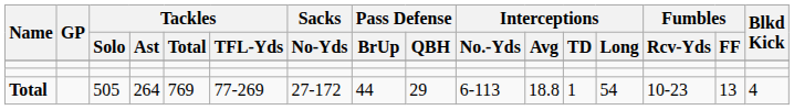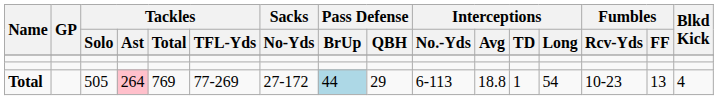 <table class="wikitable" style="white-space:nowrap;">
 <tr>
 <th rowspan="2">Name</th>
 <th rowspan="2">GP</th>
 <th colspan="4">Tackles</th>
 <th>Sacks</th>
 <th colspan="2">Pass Defense</th>
 <th colspan="4">Interceptions</th>
 <th colspan="2">Fumbles</th>
 <th rowspan="2">Blkd<br>Kick</th>
 </tr>
 <tr>
 <th>Solo</th>
 <th>Ast</th>
 <th>Total</th>
 <th>TFL-Yds</th>
 <th>No-Yds</th>
 <th>BrUp</th>
 <th>QBH</th>
 <th>No.-Yds</th>
 <th>Avg</th>
 <th>TD</th>
 <th>Long</th>
 <th>Rcv-Yds</th>
 <th>FF</th>
 </tr>
 <tr>
 </tr>
 <tr>
 <td></td>
 <td></td>
 <td></td>
 <td></td>
 <td></td>
 <td></td>
 <td></td>
 <td></td>
 <td></td>
 <td></td>
 <td></td>
 <td></td>
 <td></td>
 <td></td>
 <td></td>
 <td></td>
 </tr>
 <tr>
 <td></td>
 <td></td>
 <td></td>
 <td></td>
 <td></td>
 <td></td>
 <td></td>
 <td></td>
 <td></td>
 <td></td>
 <td></td>
 <td></td>
 <td></td>
 <td></td>
 <td></td>
 <td></td>
 </tr>
 <tr>
 <td><strong>Total</strong></td>
 <td></td>
 <td>505</td>
-<td>264</td>
+<td style="background: pink;">264</td>
 <td>769</td>
 <td>77-269</td>
 <td>27-172</td>
-<td>44</td>
+<td style="background: lightblue;">44</td>
 <td>29</td>
 <td>6-113</td>
 <td>18.8</td>
 <td>1</td>
 <td>54</td>
 <td>10-23</td>
 <td>13</td>
 <td>4</td>
 </tr>
 </table>
